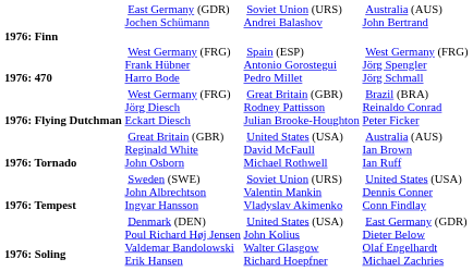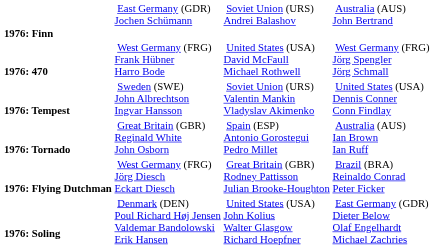 <table>
 <tr>
 <td style="align:center;"><br><br><strong>1976: Finn</strong> <br></td>
 <td style="vertical-align:top;"> <a href='#'>East Germany</a> <span>(GDR)</span><br><a href='#'>Jochen Schümann</a></td>
 <td style="vertical-align:top;"> <a href='#'>Soviet Union</a> <span>(URS)</span><br><a href='#'>Andrei Balashov</a></td>
 <td style="vertical-align:top;"> <a href='#'>Australia</a> <span>(AUS)</span><br><a href='#'>John Bertrand</a></td>
 </tr>
 <tr>
 <td style="align:center;"><br><br><strong>1976: 470</strong> <br></td>
 <td style="vertical-align:top;"> <a href='#'>West Germany</a> <span>(FRG)</span><br><a href='#'>Frank Hübner</a><br><a href='#'>Harro Bode</a></td>
+<td style="vertical-align:top;"> <a href='#'>United States</a> <span>(USA)</span><br><a href='#'>David McFaull</a><br><a href='#'>Michael Rothwell</a></td>
+<td style="vertical-align:top;"> <a href='#'>West Germany</a> <span>(FRG)</span><br><a href='#'>Jörg Spengler</a><br><a href='#'>Jörg Schmall</a></td>
+</tr>
+<tr>
+<td style="align:center;"><br><br><strong>1976: Tempest</strong> <br></td>
+<td style="vertical-align:top;"> <a href='#'>Sweden</a> <span>(SWE)</span><br><a href='#'>John Albrechtson</a><br><a href='#'>Ingvar Hansson</a></td>
+<td style="vertical-align:top;"> <a href='#'>Soviet Union</a> <span>(URS)</span><br><a href='#'>Valentin Mankin</a><br><a href='#'>Vladyslav Akimenko</a></td>
+<td style="vertical-align:top;"> <a href='#'>United States</a> <span>(USA)</span><br><a href='#'>Dennis Conner</a><br><a href='#'>Conn Findlay</a></td>
+</tr>
+<tr>
+<td style="align:center;"><br><br><strong>1976: Tornado</strong> <br></td>
+<td style="vertical-align:top;"> <a href='#'>Great Britain</a> <span>(GBR)</span><br><a href='#'>Reginald White</a><br><a href='#'>John Osborn</a></td>
 <td style="vertical-align:top;"> <a href='#'>Spain</a> <span>(ESP)</span><br><a href='#'>Antonio Gorostegui</a><br><a href='#'>Pedro Millet</a></td>
-<td style="vertical-align:top;"> <a href='#'>West Germany</a> <span>(FRG)</span><br><a href='#'>Jörg Spengler</a><br><a href='#'>Jörg Schmall</a></td>
+<td style="vertical-align:top;"> <a href='#'>Australia</a> <span>(AUS)</span><br><a href='#'>Ian Brown</a><br><a href='#'>Ian Ruff</a></td>
 </tr>
 <tr>
 <td style="align:center;"><br><br><strong>1976: Flying Dutchman</strong> <br></td>
 <td style="vertical-align:top;"> <a href='#'>West Germany</a> <span>(FRG)</span><br><a href='#'>Jörg Diesch</a><br><a href='#'>Eckart Diesch</a></td>
 <td style="vertical-align:top;"> <a href='#'>Great Britain</a> <span>(GBR)</span><br><a href='#'>Rodney Pattisson</a><br><a href='#'>Julian Brooke-Houghton</a></td>
 <td style="vertical-align:top;"> <a href='#'>Brazil</a> <span>(BRA)</span><br><a href='#'>Reinaldo Conrad</a><br><a href='#'>Peter Ficker</a></td>
 </tr>
 <tr>
-<td style="align:center;"><br><br><strong>1976: Tornado</strong> <br></td>
-<td style="vertical-align:top;"> <a href='#'>Great Britain</a> <span>(GBR)</span><br><a href='#'>Reginald White</a><br><a href='#'>John Osborn</a></td>
-<td style="vertical-align:top;"> <a href='#'>United States</a> <span>(USA)</span><br><a href='#'>David McFaull</a><br><a href='#'>Michael Rothwell</a></td>
-<td style="vertical-align:top;"> <a href='#'>Australia</a> <span>(AUS)</span><br><a href='#'>Ian Brown</a><br><a href='#'>Ian Ruff</a></td>
-</tr>
-<tr>
-<td style="align:center;"><br><br><strong>1976: Tempest</strong> <br></td>
-<td style="vertical-align:top;"> <a href='#'>Sweden</a> <span>(SWE)</span><br><a href='#'>John Albrechtson</a><br><a href='#'>Ingvar Hansson</a></td>
-<td style="vertical-align:top;"> <a href='#'>Soviet Union</a> <span>(URS)</span><br><a href='#'>Valentin Mankin</a><br><a href='#'>Vladyslav Akimenko</a></td>
-<td style="vertical-align:top;"> <a href='#'>United States</a> <span>(USA)</span><br><a href='#'>Dennis Conner</a><br><a href='#'>Conn Findlay</a></td>
-</tr>
-<tr>
 <td style="align:center;"><br><br><strong>1976: Soling</strong> <br></td>
 <td style="vertical-align:top;"> <a href='#'>Denmark</a> <span>(DEN)</span><br><a href='#'>Poul Richard Høj Jensen</a><br><a href='#'>Valdemar Bandolowski</a><br><a href='#'>Erik Hansen</a></td>
 <td style="vertical-align:top;"> <a href='#'>United States</a> <span>(USA)</span><br><a href='#'>John Kolius</a><br><a href='#'>Walter Glasgow</a><br><a href='#'>Richard Hoepfner</a></td>
 <td style="vertical-align:top;"> <a href='#'>East Germany</a> <span>(GDR)</span><br><a href='#'>Dieter Below</a><br><a href='#'>Olaf Engelhardt</a><br><a href='#'>Michael Zachries</a></td>
 </tr>
 </table>
